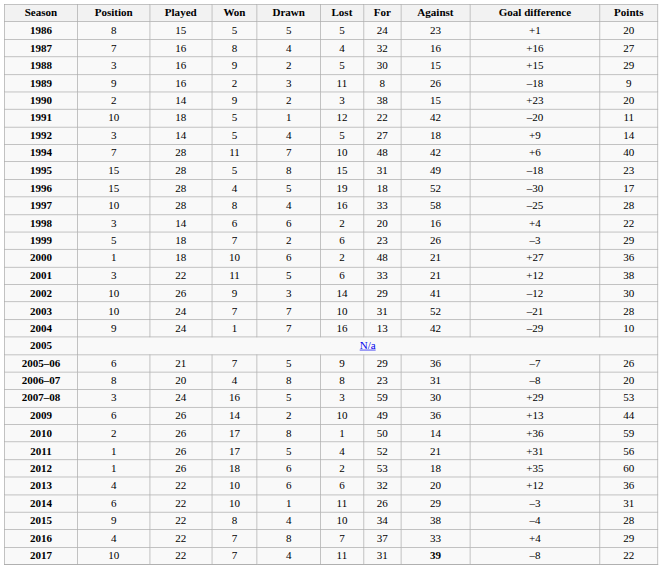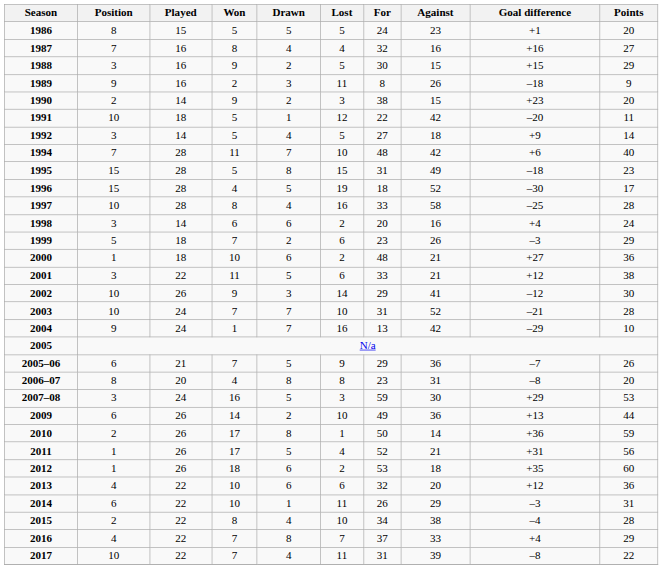 <table class="wikitable sortable" style="width:75%; align:center; text-align:center">
 <tr>
 <th>Season</th>
 <th>Position</th>
 <th>Played</th>
 <th>Won</th>
 <th>Drawn</th>
 <th>Lost</th>
 <th>For</th>
 <th>Against</th>
 <th>Goal difference</th>
 <th>Points</th>
 </tr>
 <tr>
 <td><strong>1986</strong></td>
 <td>8</td>
 <td>15</td>
 <td>5</td>
 <td>5</td>
 <td>5</td>
 <td>24</td>
 <td>23</td>
 <td>+1</td>
 <td>20</td>
 </tr>
 <tr>
 <td><strong>1987</strong></td>
 <td>7</td>
 <td>16</td>
 <td>8</td>
 <td>4</td>
 <td>4</td>
 <td>32</td>
 <td>16</td>
 <td>+16</td>
 <td>27</td>
 </tr>
 <tr>
 <td><strong>1988</strong></td>
 <td>3</td>
 <td>16</td>
 <td>9</td>
 <td>2</td>
 <td>5</td>
 <td>30</td>
 <td>15</td>
 <td>+15</td>
 <td>29</td>
 </tr>
 <tr>
 <td><strong>1989</strong></td>
 <td>9</td>
 <td>16</td>
 <td>2</td>
 <td>3</td>
 <td>11</td>
 <td>8</td>
 <td>26</td>
 <td>–18</td>
 <td>9</td>
 </tr>
 <tr>
 <td><strong>1990</strong></td>
 <td>2</td>
 <td>14</td>
 <td>9</td>
 <td>2</td>
 <td>3</td>
 <td>38</td>
 <td>15</td>
 <td>+23</td>
 <td>20</td>
 </tr>
 <tr>
 <td><strong>1991</strong></td>
 <td>10</td>
 <td>18</td>
 <td>5</td>
 <td>1</td>
 <td>12</td>
 <td>22</td>
 <td>42</td>
 <td>–20</td>
 <td>11</td>
 </tr>
 <tr>
 <td><strong>1992</strong></td>
 <td>3</td>
 <td>14</td>
 <td>5</td>
 <td>4</td>
 <td>5</td>
 <td>27</td>
 <td>18</td>
 <td>+9</td>
 <td>14</td>
 </tr>
 <tr>
 <td><strong>1994</strong></td>
 <td>7</td>
 <td>28</td>
 <td>11</td>
 <td>7</td>
 <td>10</td>
 <td>48</td>
 <td>42</td>
 <td>+6</td>
 <td>40</td>
 </tr>
 <tr>
 <td><strong>1995</strong></td>
 <td>15</td>
 <td>28</td>
 <td>5</td>
 <td>8</td>
 <td>15</td>
 <td>31</td>
 <td>49</td>
 <td>–18</td>
 <td>23</td>
 </tr>
 <tr>
 <td><strong>1996</strong></td>
 <td>15</td>
 <td>28</td>
 <td>4</td>
 <td>5</td>
 <td>19</td>
 <td>18</td>
 <td>52</td>
 <td>–30</td>
 <td>17</td>
 </tr>
 <tr>
 <td><strong>1997</strong></td>
 <td>10</td>
 <td>28</td>
 <td>8</td>
 <td>4</td>
 <td>16</td>
 <td>33</td>
 <td>58</td>
 <td>–25</td>
 <td>28</td>
 </tr>
 <tr>
 <td><strong>1998</strong></td>
 <td>3</td>
 <td>14</td>
 <td>6</td>
 <td>6</td>
 <td>2</td>
 <td>20</td>
 <td>16</td>
 <td>+4</td>
-<td>22</td>
+<td>24</td>
 </tr>
 <tr>
 <td><strong>1999</strong></td>
 <td>5</td>
 <td>18</td>
 <td>7</td>
 <td>2</td>
 <td>6</td>
 <td>23</td>
 <td>26</td>
 <td>–3</td>
 <td>29</td>
 </tr>
 <tr>
 <td><strong>2000</strong></td>
 <td>1</td>
 <td>18</td>
 <td>10</td>
 <td>6</td>
 <td>2</td>
 <td>48</td>
 <td>21</td>
 <td>+27</td>
 <td>36</td>
 </tr>
 <tr>
 <td><strong>2001</strong></td>
 <td>3</td>
 <td>22</td>
 <td>11</td>
 <td>5</td>
 <td>6</td>
 <td>33</td>
 <td>21</td>
 <td>+12</td>
 <td>38</td>
 </tr>
 <tr>
 <td><strong>2002</strong></td>
 <td>10</td>
 <td>26</td>
 <td>9</td>
 <td>3</td>
 <td>14</td>
 <td>29</td>
 <td>41</td>
 <td>–12</td>
 <td>30</td>
 </tr>
 <tr>
 <td><strong>2003</strong></td>
 <td>10</td>
 <td>24</td>
 <td>7</td>
 <td>7</td>
 <td>10</td>
 <td>31</td>
 <td>52</td>
 <td>–21</td>
 <td>28</td>
 </tr>
 <tr>
 <td><strong>2004</strong></td>
 <td>9</td>
 <td>24</td>
 <td>1</td>
 <td>7</td>
 <td>16</td>
 <td>13</td>
 <td>42</td>
 <td>–29</td>
 <td>10</td>
 </tr>
 <tr>
 <td><strong>2005</strong></td>
 <td colspan="9"><a href='#'>N/a</a></td>
 </tr>
 <tr>
 <td><strong>2005–06</strong></td>
 <td>6</td>
 <td>21</td>
 <td>7</td>
 <td>5</td>
 <td>9</td>
 <td>29</td>
 <td>36</td>
 <td>–7</td>
 <td>26</td>
 </tr>
 <tr>
 <td><strong>2006–07</strong></td>
 <td>8</td>
 <td>20</td>
 <td>4</td>
 <td>8</td>
 <td>8</td>
 <td>23</td>
 <td>31</td>
 <td>–8</td>
 <td>20</td>
 </tr>
 <tr>
 <td><strong>2007–08</strong></td>
 <td>3</td>
 <td>24</td>
 <td>16</td>
 <td>5</td>
 <td>3</td>
 <td>59</td>
 <td>30</td>
 <td>+29</td>
 <td>53</td>
 </tr>
 <tr>
 <td><strong>2009</strong></td>
 <td>6</td>
 <td>26</td>
 <td>14</td>
 <td>2</td>
 <td>10</td>
 <td>49</td>
 <td>36</td>
 <td>+13</td>
 <td>44</td>
 </tr>
 <tr>
 <td><strong>2010</strong></td>
 <td>2</td>
 <td>26</td>
 <td>17</td>
 <td>8</td>
 <td>1</td>
 <td>50</td>
 <td>14</td>
 <td>+36</td>
 <td>59</td>
 </tr>
 <tr>
 <td><strong>2011</strong></td>
 <td>1</td>
 <td>26</td>
 <td>17</td>
 <td>5</td>
 <td>4</td>
 <td>52</td>
 <td>21</td>
 <td>+31</td>
 <td>56</td>
 </tr>
 <tr>
 <td><strong>2012</strong></td>
 <td>1</td>
 <td>26</td>
 <td>18</td>
 <td>6</td>
 <td>2</td>
 <td>53</td>
 <td>18</td>
 <td>+35</td>
 <td>60</td>
 </tr>
 <tr>
 <td><strong>2013</strong></td>
 <td>4</td>
 <td>22</td>
 <td>10</td>
 <td>6</td>
 <td>6</td>
 <td>32</td>
 <td>20</td>
 <td>+12</td>
 <td>36</td>
 </tr>
 <tr>
 <td><strong>2014</strong></td>
 <td>6</td>
 <td>22</td>
 <td>10</td>
 <td>1</td>
 <td>11</td>
 <td>26</td>
 <td>29</td>
 <td>–3</td>
 <td>31</td>
 </tr>
 <tr>
 <td><strong>2015</strong></td>
-<td>9</td>
+<td>2</td>
 <td>22</td>
 <td>8</td>
 <td>4</td>
 <td>10</td>
 <td>34</td>
 <td>38</td>
 <td>–4</td>
 <td>28</td>
 </tr>
 <tr>
 <td><strong>2016</strong></td>
 <td>4</td>
 <td>22</td>
 <td>7</td>
 <td>8</td>
 <td>7</td>
 <td>37</td>
 <td>33</td>
 <td>+4</td>
 <td>29</td>
 </tr>
 <tr>
 <td><strong>2017</strong></td>
 <td>10</td>
 <td>22</td>
 <td>7</td>
 <td>4</td>
 <td>11</td>
 <td>31</td>
-<td><strong>39</strong></td>
+<td>39</td>
 <td>–8</td>
 <td>22</td>
 </tr>
 <tr>
 </tr>
 </table>
